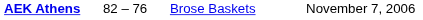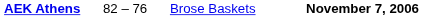 <table style="text-align:center">
 <tr>
 <th width=160></th>
 <th width=100></th>
 <th width=160></th>
 <th width=200></th>
 </tr>
 <tr>
 <td align=right><strong><a href='#'>AEK Athens</a></strong> </td>
 <td>82 – 76</td>
 <td align=left> <a href='#'>Brose Baskets</a></td>
-<td align=left>November 7, 2006</td>
+<td align=left><strong>November 7, 2006</strong></td>
 </tr>
 </table>
